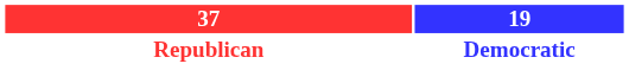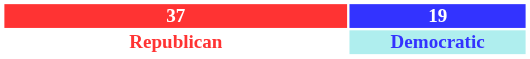 <table style="width:50%">
 <tr>
 <td scope="row" colspan="3" style="text-align:center"></td>
 </tr>
 <tr>
 <td scope="row" style="background:#F33; width:66.1%; text-align:center; color:white"><strong>37</strong></td>
 <td style="background:#33F; width:33.9%; text-align:center; color:white"><strong>19</strong></td>
 </tr>
 <tr>
 <td scope="row" style="text-align:center; color:#F33"><strong>Republican</strong></td>
-<td style="text-align:center; color:#33F"><strong>Democratic</strong></td>
+<td style="background: paleturquoise; text-align:center; color:#33F"><strong>Democratic</strong></td>
 </tr>
 </table>
